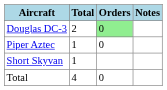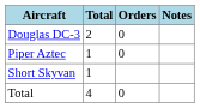 <table class="toccolours" border="1" cellpadding="3" style="border-collapse:collapse">
 <tr bgcolor=lightblue>
 <th>Aircraft</th>
 <th>Total</th>
 <th>Orders</th>
 <th>Notes</th>
 </tr>
 <tr>
 <td><a href='#'>Douglas DC-3</a></td>
 <td>2</td>
-<td style="background: lightgreen;">0</td>
+<td>0</td>
 <td></td>
 </tr>
 <tr>
 <td><a href='#'>Piper Aztec</a></td>
 <td>1</td>
 <td>0</td>
 <td></td>
 </tr>
 <tr>
 <td><a href='#'>Short Skyvan</a></td>
 <td>1</td>
 <td></td>
 </tr>
 <tr>
 <td>Total</td>
 <td>4</td>
 <td>0</td>
 <td></td>
 </tr>
 </table>
